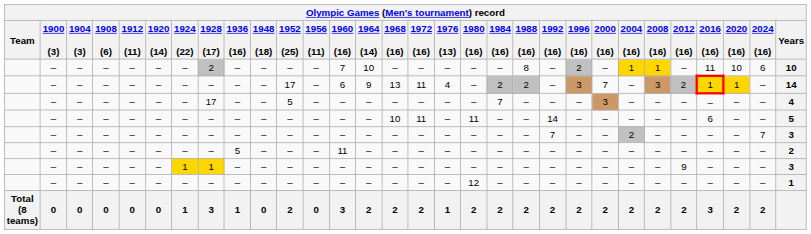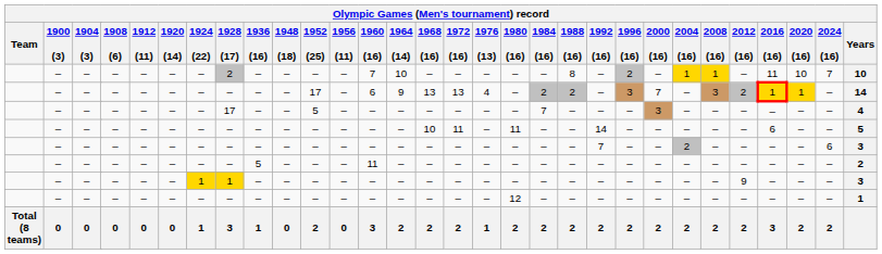 <table class="wikitable" style="text-align:center; font-size:80%;">
 <tr>
 <th colspan=31><a href='#'>Olympic Games</a> (<a href='#'>Men's tournament</a>) record</th>
 </tr>
 <tr>
 <th>Team</th>
 <th><a href='#'>1900</a><br><br>(3)</th>
 <th colspan="2"><a href='#'>1904</a><br><br>(3)</th>
 <th><a href='#'>1908</a><br><br>(6)</th>
 <th><a href='#'>1912</a><br><br>(11)</th>
 <th><a href='#'>1920</a><br><br>(14)</th>
 <th><a href='#'>1924</a><br><br>(22)</th>
 <th><a href='#'>1928</a><br><br>(17)</th>
 <th><a href='#'>1936</a><br><br>(16)</th>
 <th><a href='#'>1948</a><br><br>(18)</th>
 <th><a href='#'>1952</a><br><br>(25)</th>
 <th><a href='#'>1956</a><br><br>(11)</th>
 <th><a href='#'>1960</a><br><br>(16)</th>
 <th><a href='#'>1964</a><br><br>(14)</th>
 <th><a href='#'>1968</a><br><br>(16)</th>
 <th><a href='#'>1972</a><br><br>(16)</th>
 <th><a href='#'>1976</a><br><br>(13)</th>
 <th><a href='#'>1980</a><br><br>(16)</th>
 <th><a href='#'>1984</a><br><br>(16)</th>
 <th><a href='#'>1988</a><br><br>(16)</th>
 <th><a href='#'>1992</a><br><br>(16)</th>
 <th><a href='#'>1996</a><br><br>(16)</th>
 <th><a href='#'>2000</a><br><br>(16)</th>
 <th><a href='#'>2004</a><br><br>(16)</th>
 <th><a href='#'>2008</a><br><br>(16)</th>
 <th><a href='#'>2012</a><br><br>(16)</th>
 <th><a href='#'>2016</a><br><br>(16)</th>
 <th><a href='#'>2020</a><br><br>(16)</th>
 <th><a href='#'>2024</a><br><br>(16)</th>
 <th>Years</th>
 </tr>
 <tr>
 <td align=left></td>
 <td>–</td>
 <td colspan="2">–</td>
 <td>–</td>
 <td>–</td>
 <td>–</td>
 <td>–</td>
 <td style="background:Silver;">2</td>
 <td>–</td>
 <td>–</td>
 <td>–</td>
 <td>–</td>
 <td>7</td>
 <td>10</td>
 <td>–</td>
 <td>–</td>
 <td>–</td>
 <td>–</td>
 <td>–</td>
 <td>8</td>
 <td>–</td>
 <td style="background:Silver;">2</td>
 <td>–</td>
 <td bgcolor="gold">1</td>
 <td bgcolor="gold">1</td>
 <td>–</td>
 <td>11</td>
 <td>10</td>
-<td>6</td>
+<td>7</td>
 <th>10</th>
 </tr>
 <tr>
 <td align=left></td>
 <td>–</td>
 <td colspan="2">–</td>
 <td>–</td>
 <td>–</td>
 <td>–</td>
 <td>–</td>
 <td>–</td>
 <td>–</td>
 <td>–</td>
 <td>17</td>
 <td>–</td>
 <td>6</td>
 <td>9</td>
 <td>13</td>
-<td>11</td>
+<td>13</td>
 <td>4</td>
 <td>–</td>
 <td style="background:silver;">2</td>
 <td style="background:silver;">2</td>
 <td>–</td>
 <td style="background:#c96;">3</td>
 <td>7</td>
 <td>–</td>
 <td style="background:#c96;">3</td>
 <td style="background:silver;">2</td>
 <td bgcolor="gold" style="border:3px solid red">1</td>
 <td bgcolor="gold">1</td>
 <td>–</td>
 <th>14</th>
 </tr>
 <tr>
 <td align=left></td>
 <td>–</td>
 <td colspan="2">–</td>
 <td>–</td>
 <td>–</td>
 <td>–</td>
 <td>–</td>
 <td>17</td>
 <td>–</td>
 <td>–</td>
 <td>5</td>
 <td>–</td>
 <td>–</td>
 <td>–</td>
 <td>–</td>
 <td>–</td>
 <td>–</td>
 <td>–</td>
 <td>7</td>
 <td>–</td>
 <td>–</td>
 <td>–</td>
 <td style="background:#c96;">3</td>
 <td>–</td>
 <td>–</td>
 <td>–</td>
 <td>–</td>
 <td>–</td>
 <td>–</td>
 <th>4</th>
 </tr>
 <tr>
 <td align=left></td>
 <td>–</td>
 <td colspan="2">–</td>
 <td>–</td>
 <td>–</td>
 <td>–</td>
 <td>–</td>
 <td>–</td>
 <td>–</td>
 <td>–</td>
 <td>–</td>
 <td>–</td>
 <td>–</td>
 <td>–</td>
 <td>10</td>
 <td>11</td>
 <td>–</td>
 <td>11</td>
 <td>–</td>
 <td>–</td>
 <td>14</td>
 <td>–</td>
 <td>–</td>
 <td>–</td>
 <td>–</td>
 <td>–</td>
 <td>6</td>
 <td>–</td>
 <td>–</td>
 <th>5</th>
 </tr>
 <tr>
 <td align=left></td>
 <td>–</td>
 <td colspan="2">–</td>
 <td>–</td>
 <td>–</td>
 <td>–</td>
 <td>–</td>
 <td>–</td>
 <td>–</td>
 <td>–</td>
 <td>–</td>
 <td>–</td>
 <td>–</td>
 <td>–</td>
 <td>–</td>
 <td>–</td>
 <td>–</td>
 <td>–</td>
 <td>–</td>
 <td>–</td>
 <td>7</td>
 <td>–</td>
 <td>–</td>
 <td style="background:silver;">2</td>
 <td>–</td>
 <td>–</td>
 <td>–</td>
 <td>–</td>
-<td>7</td>
+<td>6</td>
 <th>3</th>
 </tr>
 <tr>
 <td align=left></td>
 <td>–</td>
 <td colspan="2">–</td>
 <td>–</td>
 <td>–</td>
 <td>–</td>
 <td>–</td>
 <td>–</td>
 <td>5</td>
 <td>–</td>
 <td>–</td>
 <td>–</td>
 <td>11</td>
 <td>–</td>
 <td>–</td>
 <td>–</td>
 <td>–</td>
 <td>–</td>
 <td>–</td>
 <td>–</td>
 <td>–</td>
 <td>–</td>
 <td>–</td>
 <td>–</td>
 <td>–</td>
 <td>–</td>
 <td>–</td>
 <td>–</td>
 <td>–</td>
 <th>2</th>
 </tr>
 <tr>
 <td align=left></td>
 <td>–</td>
 <td colspan="2">–</td>
 <td>–</td>
 <td>–</td>
 <td>–</td>
 <td bgcolor=gold>1</td>
 <td bgcolor=gold>1</td>
 <td>–</td>
 <td>–</td>
 <td>–</td>
 <td>–</td>
 <td>–</td>
 <td>–</td>
 <td>–</td>
 <td>–</td>
 <td>–</td>
 <td>–</td>
 <td>–</td>
 <td>–</td>
 <td>–</td>
 <td>–</td>
 <td>–</td>
 <td>–</td>
 <td>–</td>
 <td>9</td>
 <td>–</td>
 <td>–</td>
 <td>–</td>
 <th>3</th>
 </tr>
 <tr>
 <td align=left></td>
 <td>–</td>
 <td colspan="2">–</td>
 <td>–</td>
 <td>–</td>
 <td>–</td>
 <td>–</td>
 <td>–</td>
 <td>–</td>
 <td>–</td>
 <td>–</td>
 <td>–</td>
 <td>–</td>
 <td>–</td>
 <td>–</td>
 <td>–</td>
 <td>–</td>
 <td>12</td>
 <td>–</td>
 <td>–</td>
 <td>–</td>
 <td>–</td>
 <td>–</td>
 <td>–</td>
 <td>–</td>
 <td>–</td>
 <td>–</td>
 <td>–</td>
 <td>–</td>
 <th>1</th>
 </tr>
 <tr>
 <th align=left><strong>Total (8 teams)</strong></th>
 <th><strong>0</strong></th>
 <th colspan="2"><strong>0</strong></th>
 <th><strong>0</strong></th>
 <th><strong>0</strong></th>
 <th><strong>0</strong></th>
 <th><strong>1</strong></th>
 <th><strong>3</strong></th>
 <th><strong>1</strong></th>
 <th><strong>0</strong></th>
 <th><strong>2</strong></th>
 <th><strong>0</strong></th>
 <th><strong>3</strong></th>
 <th><strong>2</strong></th>
 <th><strong>2</strong></th>
 <th><strong>2</strong></th>
 <th><strong>1</strong></th>
 <th><strong>2</strong></th>
 <th><strong>2</strong></th>
 <th><strong>2</strong></th>
 <th><strong>2</strong></th>
 <th><strong>2</strong></th>
 <th><strong>2</strong></th>
 <th><strong>2</strong></th>
 <th><strong>2</strong></th>
 <th><strong>2</strong></th>
 <th><strong>3</strong></th>
 <th><strong>2</strong></th>
 <th><strong>2</strong></th>
 <th></th>
 </tr>
 </table>
